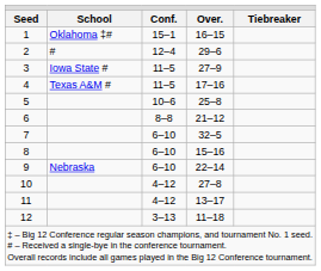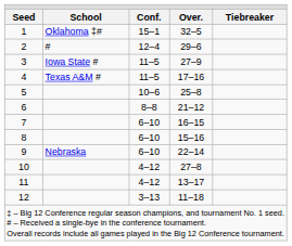 <table class="wikitable" style="white-space:nowrap; font-size:90%;text-align:center">
 <tr>
 <td colspan="10" style="text-align:center; background:#DDDDDD; font:#000000"><strong></strong></td>
 </tr>
 <tr bgcolor="#efefef">
 <th>Seed</th>
 <th>School</th>
 <th>Conf.</th>
 <th>Over.</th>
 <th>Tiebreaker</th>
 </tr>
 <tr>
 <td>1</td>
 <td align=left><a href='#'>Oklahoma</a> ‡#</td>
 <td>15–1</td>
-<td>16–15</td>
+<td>32–5</td>
 <td></td>
 </tr>
 <tr>
 <td>2</td>
 <td align=left> #</td>
 <td>12–4</td>
 <td>29–6</td>
 <td></td>
 </tr>
 <tr>
 <td>3</td>
 <td align=left><a href='#'>Iowa State</a> #</td>
 <td>11–5</td>
 <td>27–9</td>
 <td></td>
 </tr>
 <tr>
 <td>4</td>
 <td align=left><a href='#'>Texas A&M</a> #</td>
 <td>11–5</td>
 <td>17–16</td>
 <td></td>
 </tr>
 <tr>
 <td>5</td>
 <td align=left></td>
 <td>10–6</td>
 <td>25–8</td>
 <td></td>
 </tr>
 <tr>
 <td>6</td>
 <td align=left></td>
 <td>8–8</td>
 <td>21–12</td>
 <td></td>
 </tr>
 <tr>
 <td>7</td>
 <td align=left></td>
 <td>6–10</td>
-<td>32–5</td>
+<td>16–15</td>
 <td></td>
 </tr>
 <tr>
 <td>8</td>
 <td align=left></td>
 <td>6–10</td>
 <td>15–16</td>
 <td></td>
 </tr>
 <tr>
 <td>9</td>
 <td align=left><a href='#'>Nebraska</a></td>
 <td>6–10</td>
 <td>22–14</td>
 <td></td>
 </tr>
 <tr>
 <td>10</td>
 <td align=left></td>
 <td>4–12</td>
 <td>27–8</td>
 <td></td>
 </tr>
 <tr>
 <td>11</td>
 <td align=left></td>
 <td>4–12</td>
 <td>13–17</td>
 <td></td>
 </tr>
 <tr>
 <td>12</td>
 <td align=left></td>
 <td>3–13</td>
 <td>11–18</td>
 <td></td>
 </tr>
 <tr>
 <td colspan="10" style="text-align:left;"><small>‡ – Big 12 Conference regular season champions, and tournament No. 1 seed.<br># – Received a single-bye in the conference tournament.<br>Overall records include all games played in the Big 12 Conference tournament.</small></td>
 </tr>
 </table>
